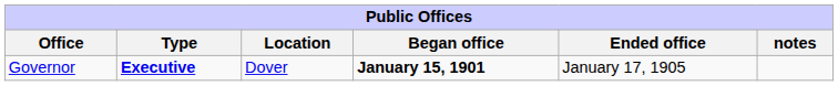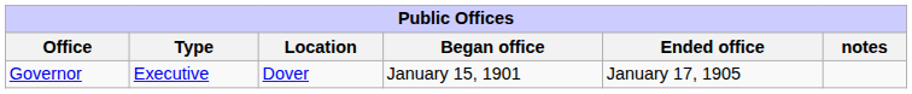 <table class=wikitable style="width: 94%" style="text-align: center;" align="center">
 <tr bgcolor=#cccccc>
 <th colspan=7 style="background: #ccccff;">Public Offices</th>
 </tr>
 <tr>
 <th><strong>Office</strong></th>
 <th><strong>Type</strong></th>
 <th><strong>Location</strong></th>
 <th><strong>Began office</strong></th>
 <th><strong>Ended office</strong></th>
 <th><strong>notes</strong></th>
 </tr>
 <tr>
 <td><a href='#'>Governor</a></td>
-<td><strong><a href='#'>Executive</a></strong></td>
+<td><a href='#'>Executive</a></td>
 <td><a href='#'>Dover</a></td>
-<td><strong>January 15, 1901</strong></td>
+<td>January 15, 1901</td>
 <td>January 17, 1905</td>
 <td></td>
 </tr>
 </table>
